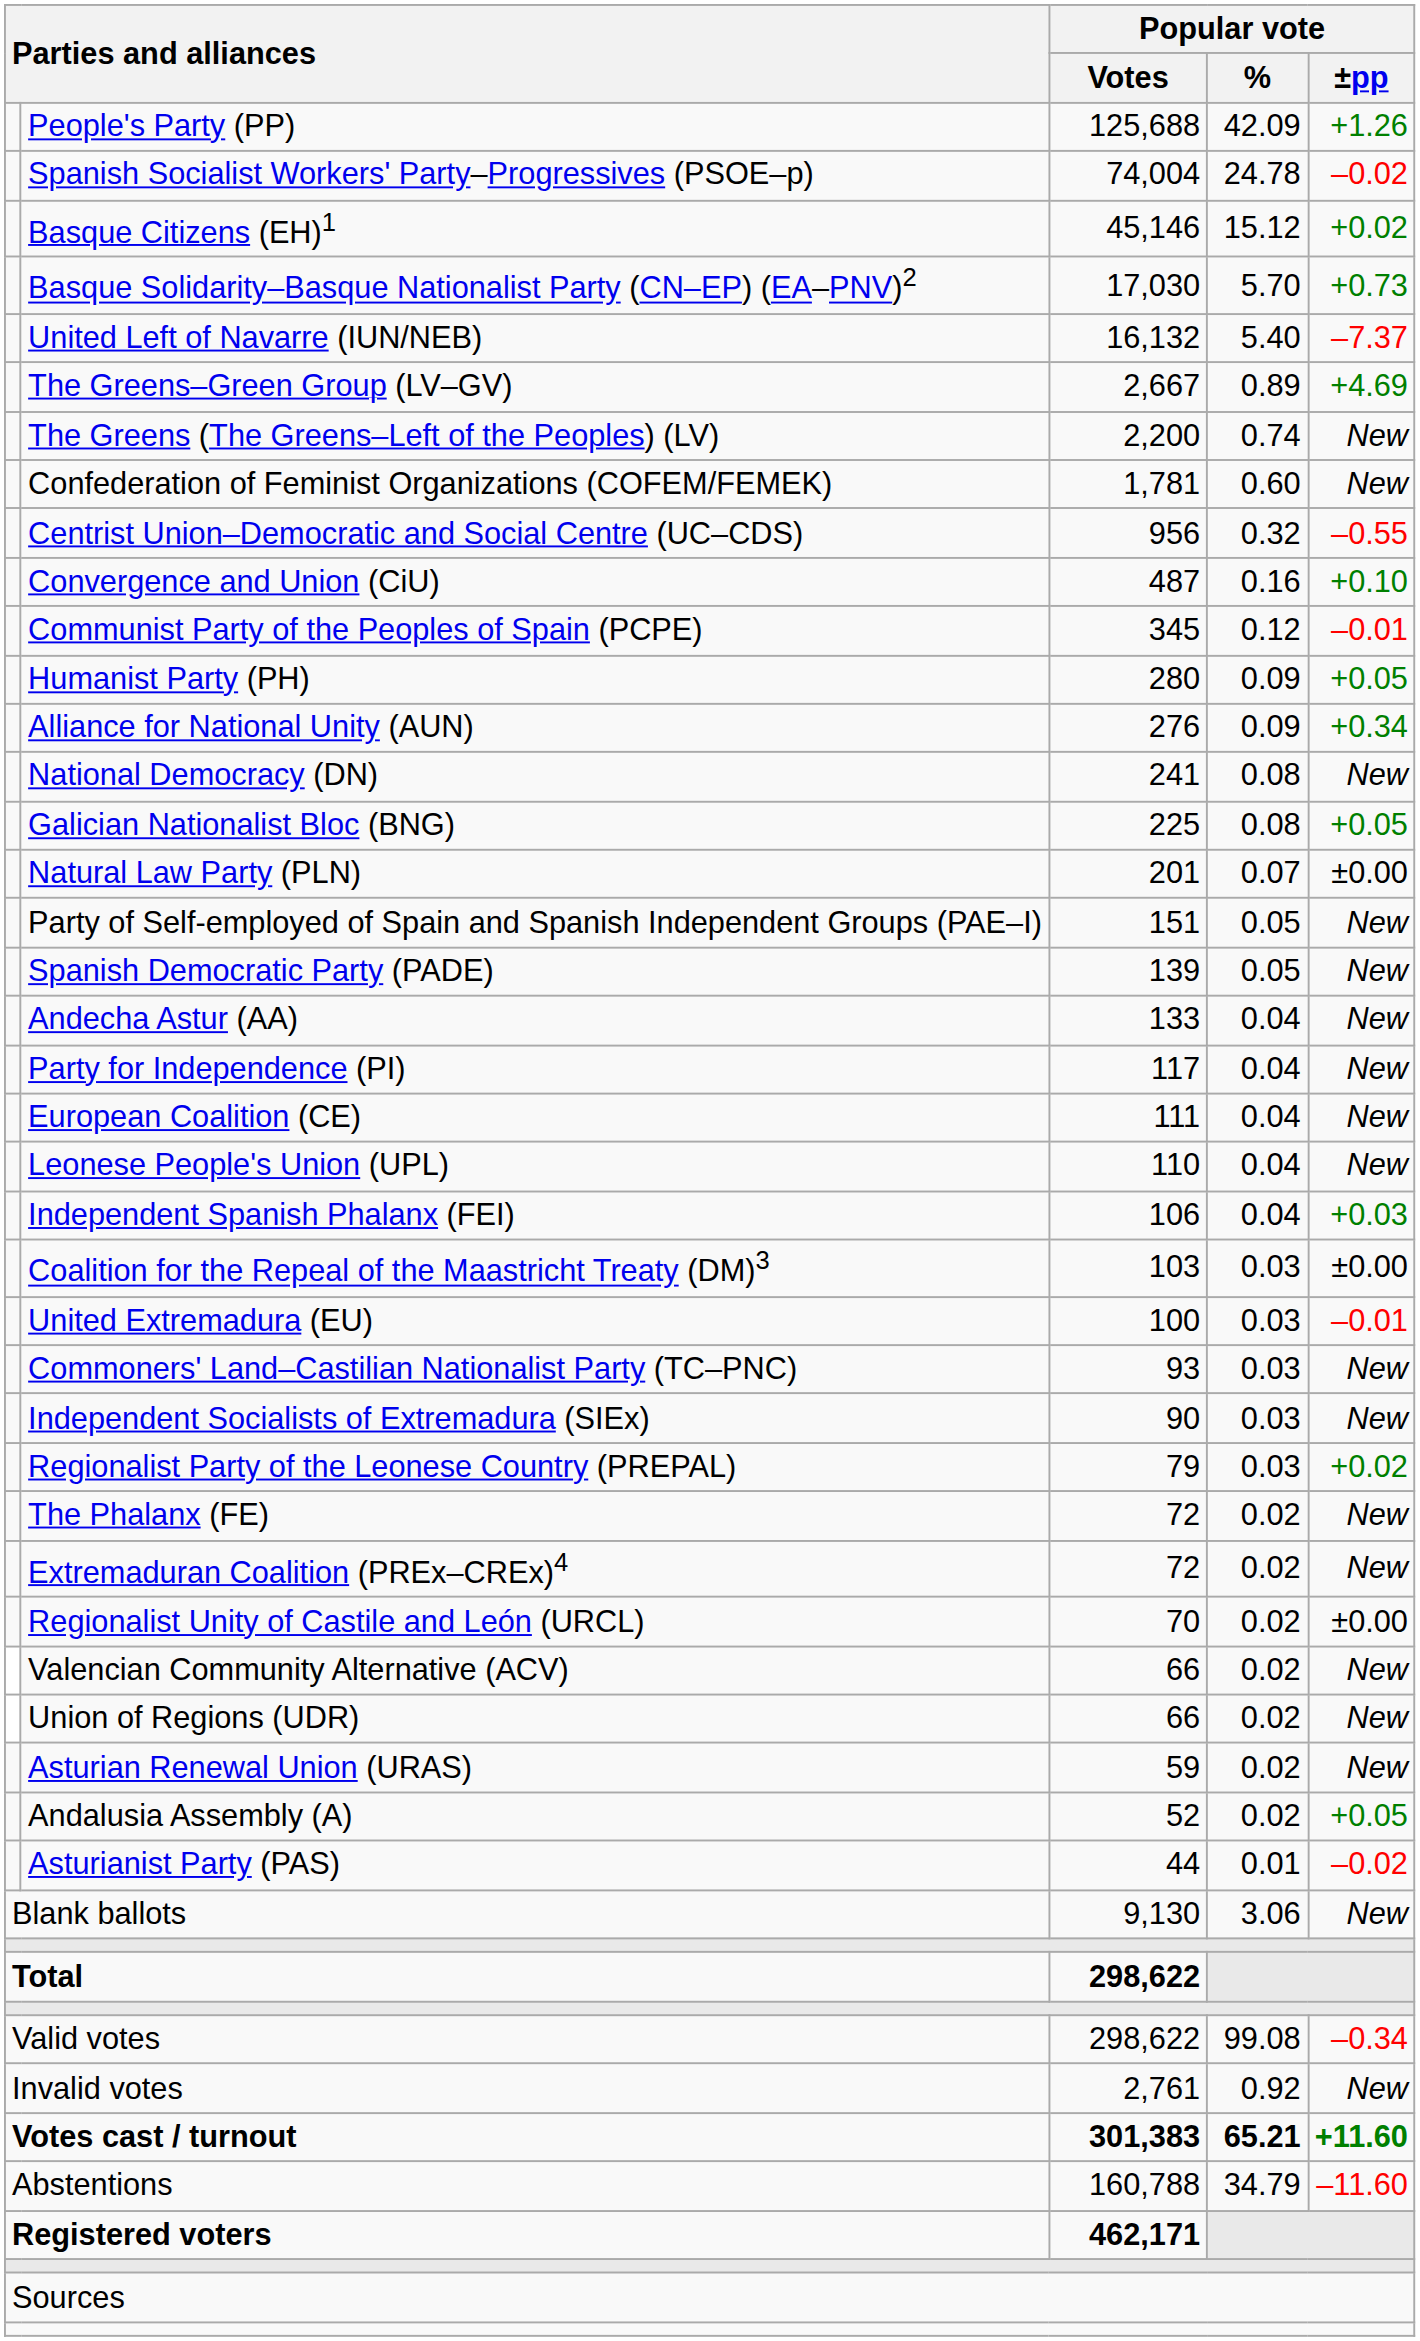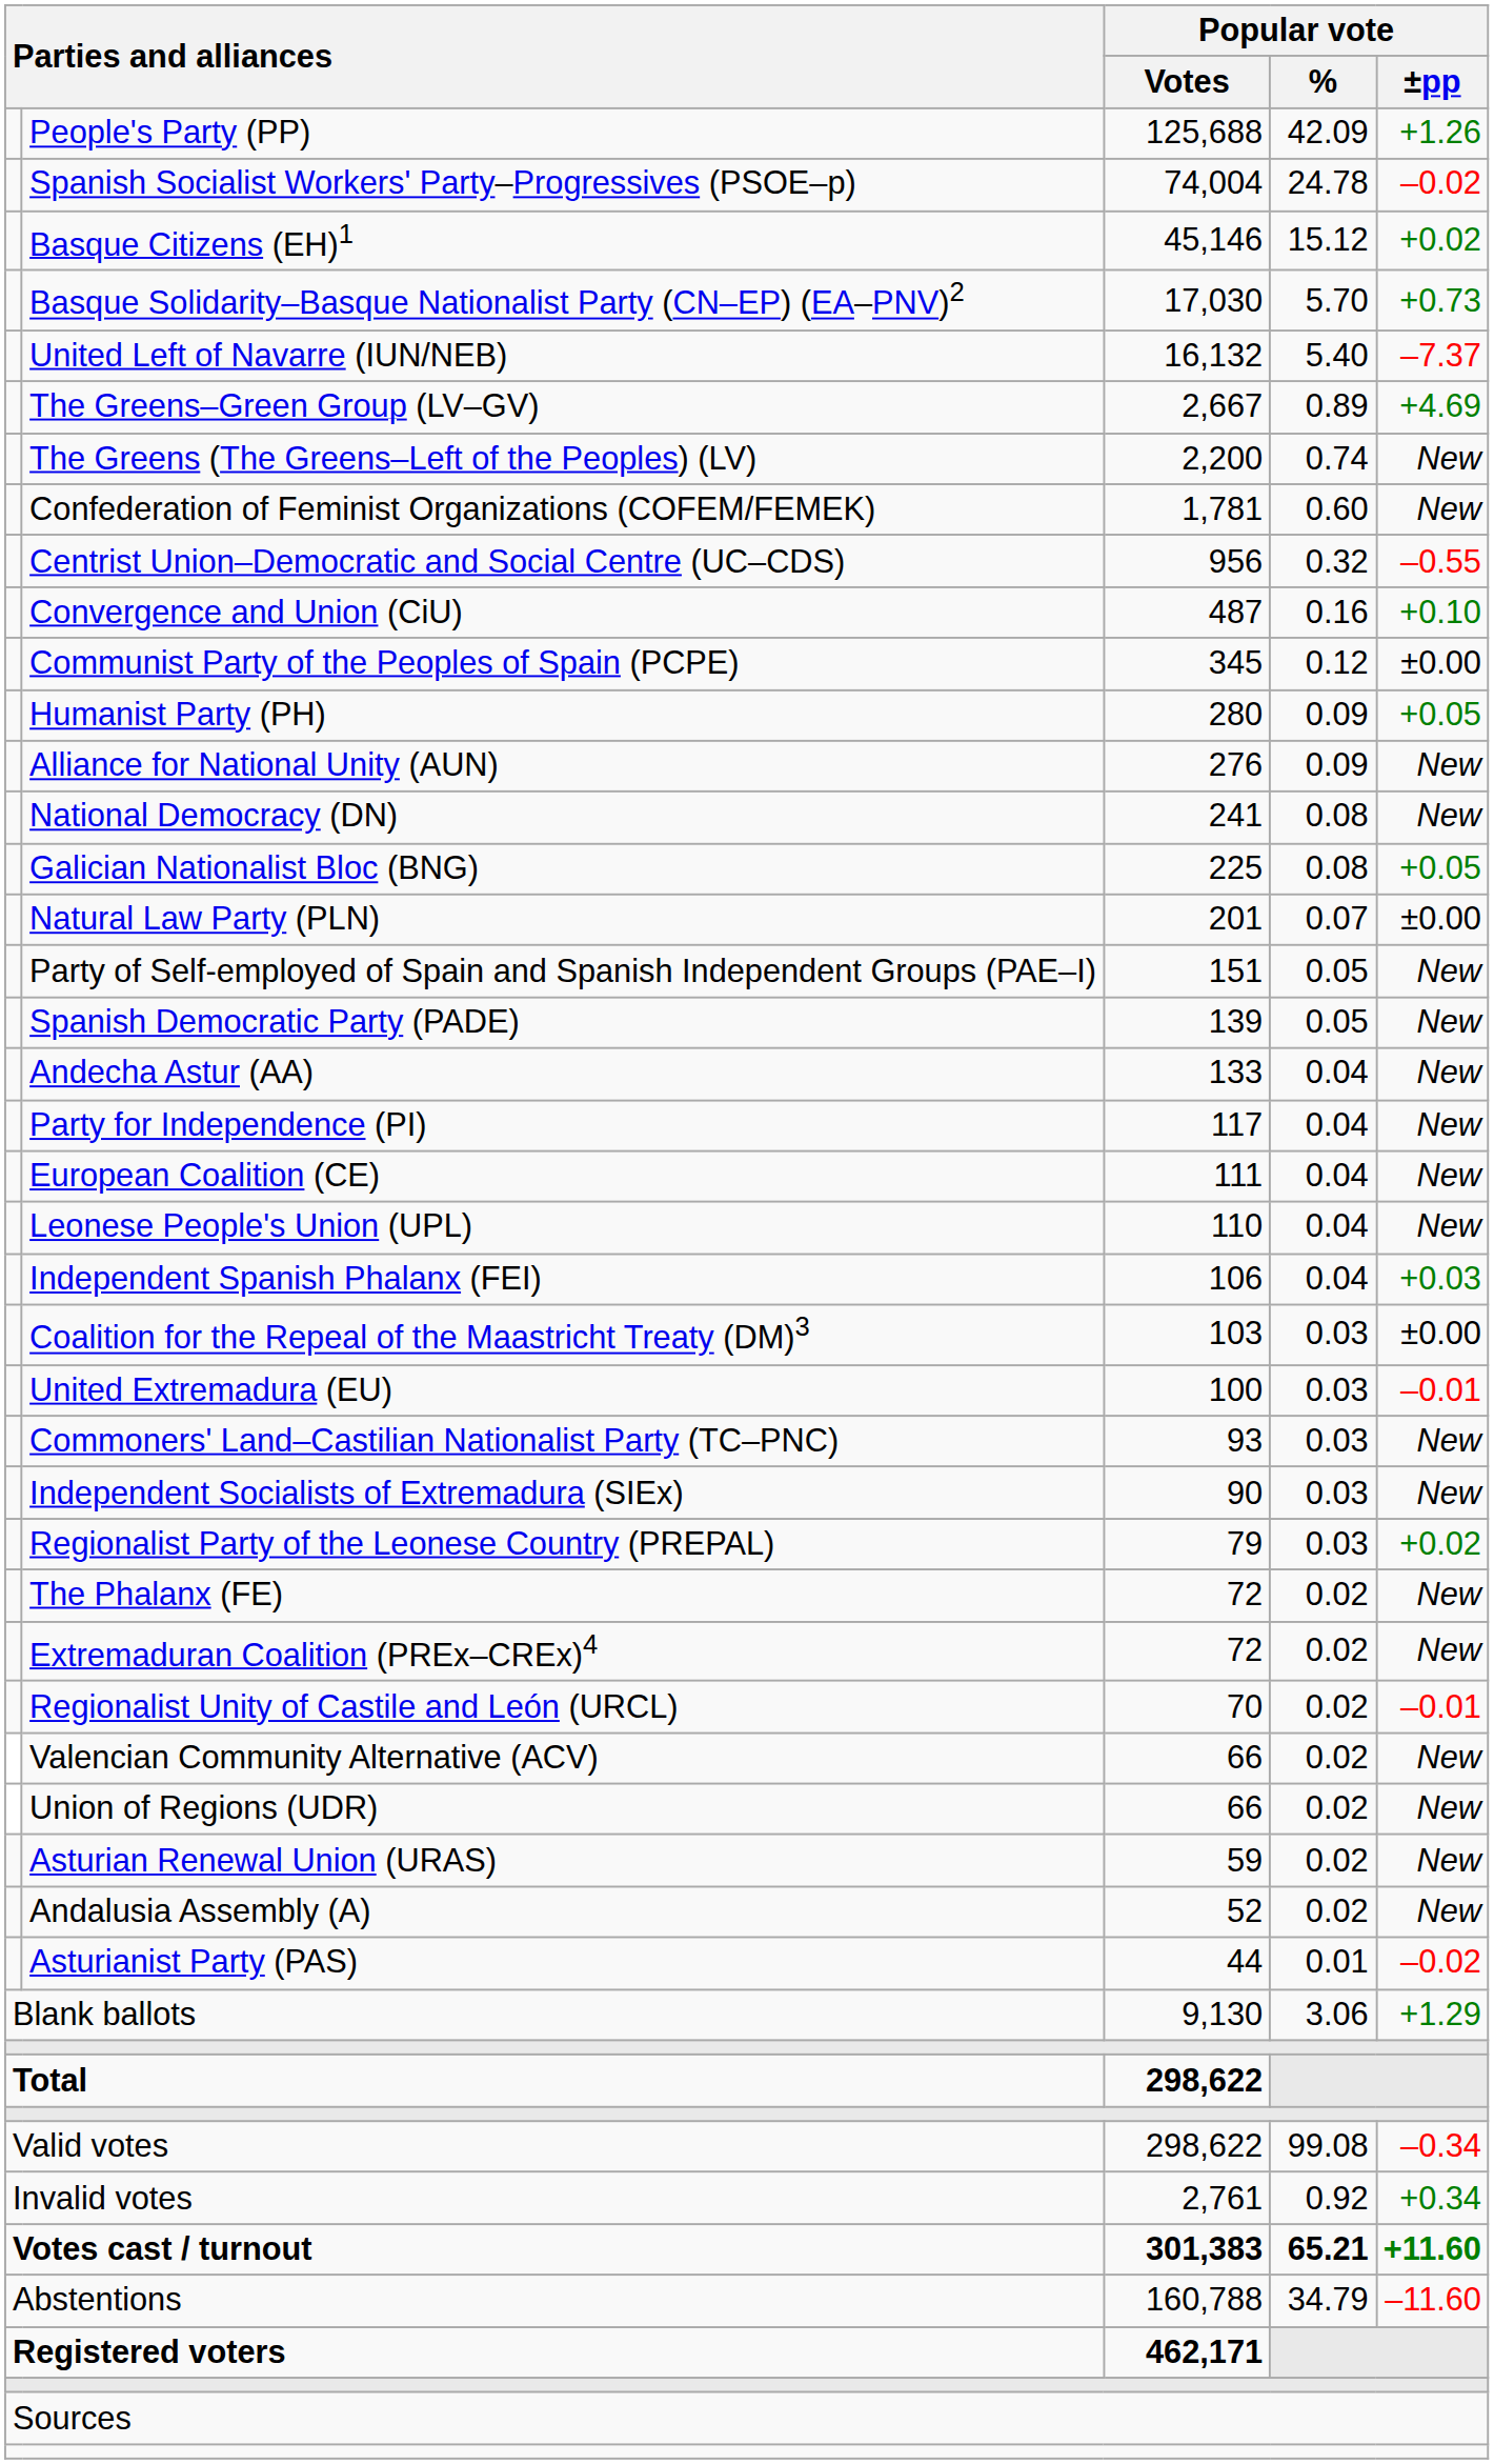 <table class="wikitable" style="text-align:right">
 <tr>
 <th style="text-align:left;" rowspan="2" colspan="2" width="525">Parties and alliances</th>
 <th colspan="3">Popular vote</th>
 </tr>
 <tr>
 <th width="75">Votes</th>
 <th width="45">%</th>
 <th width="45">±<a href='#'>pp</a></th>
 </tr>
 <tr>
 <td width="1" style="color:inherit;background:"></td>
 <td align="left"><a href='#'>People's Party</a> (PP)</td>
 <td>125,688</td>
 <td>42.09</td>
 <td style="color:green;">+1.26</td>
 </tr>
 <tr>
 <td style="color:inherit;background:"></td>
 <td align="left"><a href='#'>Spanish Socialist Workers' Party</a>–<a href='#'>Progressives</a> (PSOE–p)</td>
 <td>74,004</td>
 <td>24.78</td>
 <td style="color:red;">–0.02</td>
 </tr>
 <tr>
 <td style="color:inherit;background:"></td>
 <td align="left"><a href='#'>Basque Citizens</a> (EH)<sup>1</sup></td>
 <td>45,146</td>
 <td>15.12</td>
 <td style="color:green;">+0.02</td>
 </tr>
 <tr>
 <td style="color:inherit;background:"></td>
 <td align="left"><a href='#'>Basque Solidarity–Basque Nationalist Party</a> (<a href='#'>CN–EP</a>) (<a href='#'>EA</a>–<a href='#'>PNV</a>)<sup>2</sup></td>
 <td>17,030</td>
 <td>5.70</td>
 <td style="color:green;">+0.73</td>
 </tr>
 <tr>
 <td style="color:inherit;background:"></td>
 <td align="left"><a href='#'>United Left of Navarre</a> (IUN/NEB)</td>
 <td>16,132</td>
 <td>5.40</td>
 <td style="color:red;">–7.37</td>
 </tr>
 <tr>
 <td style="color:inherit;background:"></td>
 <td align="left"><a href='#'>The Greens–Green Group</a> (LV–GV)</td>
 <td>2,667</td>
 <td>0.89</td>
 <td style="color:green;">+4.69</td>
 </tr>
 <tr>
 <td style="color:inherit;background:"></td>
 <td align="left"><a href='#'>The Greens</a> (<a href='#'>The Greens–Left of the Peoples</a>) (LV)</td>
 <td>2,200</td>
 <td>0.74</td>
 <td><em>New</em></td>
 </tr>
 <tr>
 <td style="color:inherit;background:"></td>
 <td align="left">Confederation of Feminist Organizations (COFEM/FEMEK)</td>
 <td>1,781</td>
 <td>0.60</td>
 <td><em>New</em></td>
 </tr>
 <tr>
 <td style="color:inherit;background:"></td>
 <td align="left"><a href='#'>Centrist Union–Democratic and Social Centre</a> (UC–CDS)</td>
 <td>956</td>
 <td>0.32</td>
 <td style="color:red;">–0.55</td>
 </tr>
 <tr>
 <td style="color:inherit;background:"></td>
 <td align="left"><a href='#'>Convergence and Union</a> (CiU)</td>
 <td>487</td>
 <td>0.16</td>
 <td style="color:green;">+0.10</td>
 </tr>
 <tr>
 <td style="color:inherit;background:"></td>
 <td align="left"><a href='#'>Communist Party of the Peoples of Spain</a> (PCPE)</td>
 <td>345</td>
 <td>0.12</td>
-<td style="color:red;">–0.01</td>
+<td>±0.00</td>
 </tr>
 <tr>
 <td style="color:inherit;background:"></td>
 <td align="left"><a href='#'>Humanist Party</a> (PH)</td>
 <td>280</td>
 <td>0.09</td>
 <td style="color:green;">+0.05</td>
 </tr>
 <tr>
 <td style="color:inherit;background:"></td>
 <td align="left"><a href='#'>Alliance for National Unity</a> (AUN)</td>
 <td>276</td>
 <td>0.09</td>
-<td style="color:green;">+0.34</td>
+<td><em>New</em></td>
 </tr>
 <tr>
 <td style="color:inherit;background:"></td>
 <td align="left"><a href='#'>National Democracy</a> (DN)</td>
 <td>241</td>
 <td>0.08</td>
 <td><em>New</em></td>
 </tr>
 <tr>
 <td style="color:inherit;background:"></td>
 <td align="left"><a href='#'>Galician Nationalist Bloc</a> (BNG)</td>
 <td>225</td>
 <td>0.08</td>
 <td style="color:green;">+0.05</td>
 </tr>
 <tr>
 <td style="color:inherit;background:"></td>
 <td align="left"><a href='#'>Natural Law Party</a> (PLN)</td>
 <td>201</td>
 <td>0.07</td>
 <td>±0.00</td>
 </tr>
 <tr>
 <td style="color:inherit;background:"></td>
 <td align="left">Party of Self-employed of Spain and Spanish Independent Groups (PAE–I)</td>
 <td>151</td>
 <td>0.05</td>
 <td><em>New</em></td>
 </tr>
 <tr>
 <td style="color:inherit;background:"></td>
 <td align="left"><a href='#'>Spanish Democratic Party</a> (PADE)</td>
 <td>139</td>
 <td>0.05</td>
 <td><em>New</em></td>
 </tr>
 <tr>
 <td style="color:inherit;background:"></td>
 <td align="left"><a href='#'>Andecha Astur</a> (AA)</td>
 <td>133</td>
 <td>0.04</td>
 <td><em>New</em></td>
 </tr>
 <tr>
 <td style="color:inherit;background:"></td>
 <td align="left"><a href='#'>Party for Independence</a> (PI)</td>
 <td>117</td>
 <td>0.04</td>
 <td><em>New</em></td>
 </tr>
 <tr>
 <td style="color:inherit;background:"></td>
 <td align="left"><a href='#'>European Coalition</a> (CE)</td>
 <td>111</td>
 <td>0.04</td>
 <td><em>New</em></td>
 </tr>
 <tr>
 <td style="color:inherit;background:"></td>
 <td align="left"><a href='#'>Leonese People's Union</a> (UPL)</td>
 <td>110</td>
 <td>0.04</td>
 <td><em>New</em></td>
 </tr>
 <tr>
 <td style="color:inherit;background:"></td>
 <td align="left"><a href='#'>Independent Spanish Phalanx</a> (FEI)</td>
 <td>106</td>
 <td>0.04</td>
 <td style="color:green;">+0.03</td>
 </tr>
 <tr>
 <td style="color:inherit;background:"></td>
 <td align="left"><a href='#'>Coalition for the Repeal of the Maastricht Treaty</a> (DM)<sup>3</sup></td>
 <td>103</td>
 <td>0.03</td>
 <td>±0.00</td>
 </tr>
 <tr>
 <td style="color:inherit;background:"></td>
 <td align="left"><a href='#'>United Extremadura</a> (EU)</td>
 <td>100</td>
 <td>0.03</td>
 <td style="color:red;">–0.01</td>
 </tr>
 <tr>
 <td style="color:inherit;background:"></td>
 <td align="left"><a href='#'>Commoners' Land–Castilian Nationalist Party</a> (TC–PNC)</td>
 <td>93</td>
 <td>0.03</td>
 <td><em>New</em></td>
 </tr>
 <tr>
 <td style="color:inherit;background:"></td>
 <td align="left"><a href='#'>Independent Socialists of Extremadura</a> (SIEx)</td>
 <td>90</td>
 <td>0.03</td>
 <td><em>New</em></td>
 </tr>
 <tr>
 <td style="color:inherit;background:"></td>
 <td align="left"><a href='#'>Regionalist Party of the Leonese Country</a> (PREPAL)</td>
 <td>79</td>
 <td>0.03</td>
 <td style="color:green;">+0.02</td>
 </tr>
 <tr>
 <td style="color:inherit;background:"></td>
 <td align="left"><a href='#'>The Phalanx</a> (FE)</td>
 <td>72</td>
 <td>0.02</td>
 <td><em>New</em></td>
 </tr>
 <tr>
 <td style="color:inherit;background:"></td>
 <td align="left"><a href='#'>Extremaduran Coalition</a> (PREx–CREx)<sup>4</sup></td>
 <td>72</td>
 <td>0.02</td>
 <td><em>New</em></td>
 </tr>
 <tr>
 <td style="color:inherit;background:"></td>
 <td align="left"><a href='#'>Regionalist Unity of Castile and León</a> (URCL)</td>
 <td>70</td>
 <td>0.02</td>
-<td>±0.00</td>
+<td style="color:red;">–0.01</td>
 </tr>
 <tr>
 <td bgcolor="white"></td>
 <td align="left">Valencian Community Alternative (ACV)</td>
 <td>66</td>
 <td>0.02</td>
 <td><em>New</em></td>
 </tr>
 <tr>
 <td bgcolor="white"></td>
 <td align="left">Union of Regions (UDR)</td>
 <td>66</td>
 <td>0.02</td>
 <td><em>New</em></td>
 </tr>
 <tr>
 <td style="color:inherit;background:"></td>
 <td align="left"><a href='#'>Asturian Renewal Union</a> (URAS)</td>
 <td>59</td>
 <td>0.02</td>
 <td><em>New</em></td>
 </tr>
 <tr>
 <td style="color:inherit;background:"></td>
 <td align="left">Andalusia Assembly (A)</td>
 <td>52</td>
 <td>0.02</td>
-<td style="color:green;">+0.05</td>
+<td><em>New</em></td>
 </tr>
 <tr>
 <td style="color:inherit;background:"></td>
 <td align="left"><a href='#'>Asturianist Party</a> (PAS)</td>
 <td>44</td>
 <td>0.01</td>
 <td style="color:red;">–0.02</td>
 </tr>
 <tr>
 <td align="left" colspan="2">Blank ballots</td>
 <td>9,130</td>
 <td>3.06</td>
-<td><em>New</em></td>
+<td style="color:green;">+1.29</td>
 </tr>
 <tr>
 <td colspan="5" bgcolor="#E9E9E9"></td>
 </tr>
 <tr style="font-weight:bold;">
 <td align="left" colspan="2">Total</td>
 <td>298,622</td>
 <td bgcolor="#E9E9E9" colspan="2"></td>
 </tr>
 <tr>
 <td colspan="5" bgcolor="#E9E9E9"></td>
 </tr>
 <tr>
 <td align="left" colspan="2">Valid votes</td>
 <td>298,622</td>
 <td>99.08</td>
 <td style="color:red;">–0.34</td>
 </tr>
 <tr>
 <td align="left" colspan="2">Invalid votes</td>
 <td>2,761</td>
 <td>0.92</td>
-<td><em>New</em></td>
+<td style="color:green;">+0.34</td>
 </tr>
 <tr style="font-weight:bold;">
 <td align="left" colspan="2">Votes cast / turnout</td>
 <td>301,383</td>
 <td>65.21</td>
 <td style="color:green;">+11.60</td>
 </tr>
 <tr>
 <td align="left" colspan="2">Abstentions</td>
 <td>160,788</td>
 <td>34.79</td>
 <td style="color:red;">–11.60</td>
 </tr>
 <tr style="font-weight:bold;">
 <td align="left" colspan="2">Registered voters</td>
 <td>462,171</td>
 <td bgcolor="#E9E9E9" colspan="2"></td>
 </tr>
 <tr>
 <td colspan="5" bgcolor="#E9E9E9"></td>
 </tr>
 <tr>
 <td align="left" colspan="5">Sources</td>
 </tr>
 <tr>
 <td colspan="5" style="text-align:left; max-width:680px;"></td>
 </tr>
 </table>
